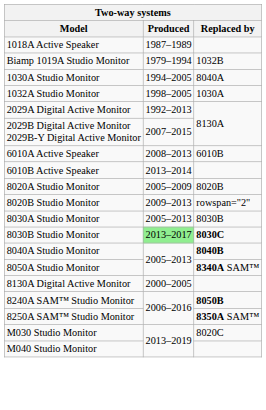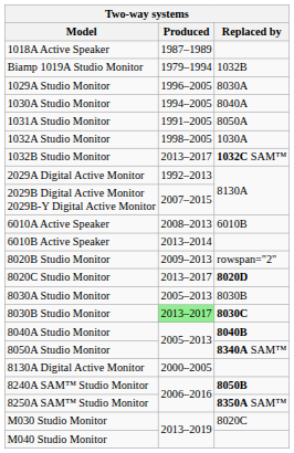 <table class="wikitable sortable mw-collapsible mw-collapsed" style="display: inline-table; margin-top: 0px; margin-bottom: 15px; margin-left: 0px; margin-right: 2.5px;">
 <tr>
 <th colspan="3">Two-way systems</th>
 </tr>
 <tr>
 <th>Model</th>
 <th>Produced</th>
 <th>Replaced by</th>
 </tr>
 <tr>
 <td>1018A Active Speaker</td>
 <td style="text-align: center;">1987–1989</td>
 <td></td>
 </tr>
 <tr>
 <td data-sort-value="1019A">Biamp 1019A Studio Monitor</td>
 <td style="text-align: center;">1979–1994</td>
 <td>1032B</td>
 </tr>
 <tr>
+<td>1029A Studio Monitor</td>
+<td style="text-align: center;">1996–2005</td>
+<td>8030A</td>
+</tr>
+<tr>
 <td>1030A Studio Monitor</td>
 <td style="text-align: center;">1994–2005</td>
 <td>8040A</td>
 </tr>
 <tr>
+<td>1031A Studio Monitor</td>
+<td style="text-align: center;">1991–2005</td>
+<td>8050A</td>
+</tr>
+<tr>
 <td>1032A Studio Monitor</td>
 <td style="text-align: center;">1998–2005</td>
 <td>1030A</td>
+</tr>
+<tr>
+<td>1032B Studio Monitor</td>
+<td style="text-align: center;">2013–2017</td>
+<td><strong>1032C</strong> SAM™</td>
 </tr>
 <tr>
 <td>2029A Digital Active Monitor</td>
 <td style="text-align: center;">1992–2013</td>
 <td rowspan="2">8130A</td>
 </tr>
 <tr>
 <td>2029B Digital Active Monitor<br>2029B-Y Digital Active Monitor</td>
 <td style="text-align: center;">2007–2015</td>
 </tr>
 <tr>
 <td>6010A Active Speaker</td>
 <td style="text-align: center;">2008–2013</td>
 <td>6010B</td>
 </tr>
 <tr>
 <td>6010B Active Speaker</td>
 <td style="text-align: center;">2013–2014</td>
 <td></td>
 </tr>
 <tr>
-<td>8020A Studio Monitor</td>
-<td style="text-align: center;">2005–2009</td>
-<td>8020B</td>
-</tr>
-<tr>
 <td>8020B Studio Monitor</td>
 <td style="text-align: center;">2009–2013</td>
 <td>rowspan="2" </td>
+</tr>
+<tr>
+<td>8020C Studio Monitor</td>
+<td style="text-align: center;">2013–2017</td>
+<td><strong>8020D</strong></td>
 </tr>
 <tr>
 <td>8030A Studio Monitor</td>
 <td style="text-align: center;">2005–2013</td>
 <td>8030B</td>
 </tr>
 <tr>
 <td>8030B Studio Monitor</td>
 <td style="background: lightgreen; text-align: center;">2013–2017</td>
 <td><strong>8030C</strong></td>
 </tr>
 <tr>
 <td>8040A Studio Monitor</td>
 <td style="text-align: center;" rowspan="2">2005–2013</td>
 <td><strong>8040B</strong></td>
 </tr>
 <tr>
 <td>8050A Studio Monitor</td>
 <td><strong>8340A</strong> SAM™</td>
 </tr>
 <tr>
 <td>8130A Digital Active Monitor</td>
 <td style="text-align: center;">2000–2005</td>
 <td></td>
 </tr>
 <tr>
 <td>8240A SAM™ Studio Monitor</td>
 <td style="text-align: center;" rowspan="2">2006–2016</td>
 <td><strong>8050B</strong></td>
 </tr>
 <tr>
 <td>8250A SAM™ Studio Monitor</td>
 <td><strong>8350A</strong> SAM™</td>
 </tr>
 <tr>
 <td>M030 Studio Monitor</td>
 <td style="text-align: center;" rowspan="2">2013–2019</td>
 <td>8020C</td>
 </tr>
 <tr>
 <td>M040 Studio Monitor</td>
 </tr>
 </table>
